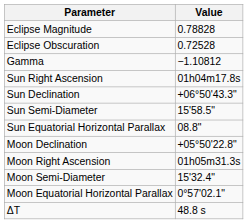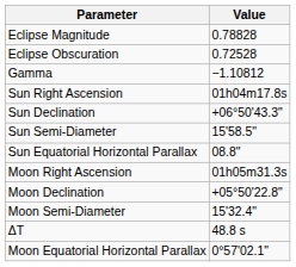 <table class="wikitable">
 <tr>
 <th>Parameter</th>
 <th>Value</th>
 </tr>
 <tr>
 <td>Eclipse Magnitude</td>
 <td>0.78828</td>
 </tr>
 <tr>
 <td>Eclipse Obscuration</td>
 <td>0.72528</td>
 </tr>
 <tr>
 <td>Gamma</td>
 <td>−1.10812</td>
 </tr>
 <tr>
 <td>Sun Right Ascension</td>
 <td>01h04m17.8s</td>
 </tr>
 <tr>
 <td>Sun Declination</td>
 <td>+06°50'43.3"</td>
 </tr>
 <tr>
 <td>Sun Semi-Diameter</td>
 <td>15'58.5"</td>
 </tr>
 <tr>
 <td>Sun Equatorial Horizontal Parallax</td>
 <td>08.8"</td>
 </tr>
 <tr>
+<td>Moon Right Ascension</td>
+<td>01h05m31.3s</td>
+</tr>
+<tr>
 <td>Moon Declination</td>
 <td>+05°50'22.8"</td>
-</tr>
-<tr>
-<td>Moon Right Ascension</td>
-<td>01h05m31.3s</td>
 </tr>
 <tr>
 <td>Moon Semi-Diameter</td>
 <td>15'32.4"</td>
 </tr>
 <tr>
+<td>ΔT</td>
+<td>48.8 s</td>
+</tr>
+<tr>
 <td>Moon Equatorial Horizontal Parallax</td>
 <td>0°57'02.1"</td>
 </tr>
-<tr>
-<td>ΔT</td>
-<td>48.8 s</td>
-</tr>
 </table>
